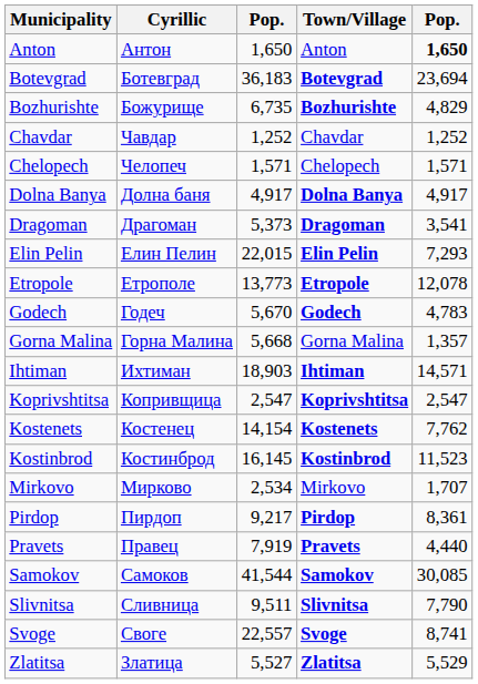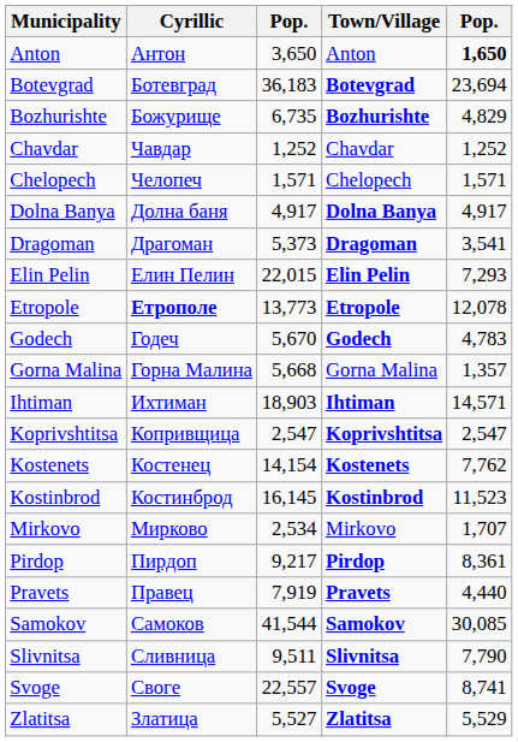 <table class="wikitable sortable">
 <tr>
 <th>Municipality</th>
 <th>Cyrillic</th>
 <th>Pop.</th>
 <th>Town/Village</th>
 <th>Pop.</th>
 </tr>
 <tr>
 <td><a href='#'>Anton</a></td>
 <td><a href='#'>Антон</a></td>
-<td align="right">1,650</td>
+<td align="right">3,650</td>
 <td><a href='#'>Anton</a></td>
 <td align="right"><strong>1,650</strong></td>
 </tr>
 <tr>
 <td><a href='#'>Botevgrad</a></td>
 <td><a href='#'>Ботевград</a></td>
 <td align="right">36,183</td>
 <td><strong><a href='#'>Botevgrad</a></strong></td>
 <td align="right">23,694</td>
 </tr>
 <tr>
 <td><a href='#'>Bozhurishte</a></td>
 <td><a href='#'>Божурище</a></td>
 <td align="right">6,735</td>
 <td><strong><a href='#'>Bozhurishte</a></strong></td>
 <td align="right">4,829</td>
 </tr>
 <tr>
 <td><a href='#'>Chavdar</a></td>
 <td><a href='#'>Чавдар</a></td>
 <td align="right">1,252</td>
 <td><a href='#'>Chavdar</a></td>
 <td align="right">1,252</td>
 </tr>
 <tr>
 <td><a href='#'>Chelopech</a></td>
 <td><a href='#'>Челопеч</a></td>
 <td align="right">1,571</td>
 <td><a href='#'>Chelopech</a></td>
 <td align="right">1,571</td>
 </tr>
 <tr>
 <td><a href='#'>Dolna Banya</a></td>
 <td><a href='#'>Долна баня</a></td>
 <td align="right">4,917</td>
 <td><strong><a href='#'>Dolna Banya</a></strong></td>
 <td align="right">4,917</td>
 </tr>
 <tr>
 <td><a href='#'>Dragoman</a></td>
 <td><a href='#'>Драгоман</a></td>
 <td align="right">5,373</td>
 <td><strong><a href='#'>Dragoman</a></strong></td>
 <td align="right">3,541</td>
 </tr>
 <tr>
 <td><a href='#'>Elin Pelin</a></td>
 <td><a href='#'>Елин Пелин</a></td>
 <td align="right">22,015</td>
 <td><strong><a href='#'>Elin Pelin</a></strong></td>
 <td align="right">7,293</td>
 </tr>
 <tr>
 <td><a href='#'>Etropole</a></td>
-<td><a href='#'>Етрополе</a></td>
+<td><strong><a href='#'>Етрополе</a></strong></td>
 <td align="right">13,773</td>
 <td><strong><a href='#'>Etropole</a></strong></td>
 <td align="right">12,078</td>
 </tr>
 <tr>
 <td><a href='#'>Godech</a></td>
 <td><a href='#'>Годеч</a></td>
 <td align="right">5,670</td>
 <td><strong><a href='#'>Godech</a></strong></td>
 <td align="right">4,783</td>
 </tr>
 <tr>
 <td><a href='#'>Gorna Malina</a></td>
 <td><a href='#'>Горна Малина</a></td>
 <td align="right">5,668</td>
 <td><a href='#'>Gorna Malina</a></td>
 <td align="right">1,357</td>
 </tr>
 <tr>
 <td><a href='#'>Ihtiman</a></td>
 <td><a href='#'>Ихтиман</a></td>
 <td align="right">18,903</td>
 <td><strong><a href='#'>Ihtiman</a></strong></td>
 <td align="right">14,571</td>
 </tr>
 <tr>
 <td><a href='#'>Koprivshtitsa</a></td>
 <td><a href='#'>Копривщица</a></td>
 <td align="right">2,547</td>
 <td><strong><a href='#'>Koprivshtitsa</a></strong></td>
 <td align="right">2,547</td>
 </tr>
 <tr>
 <td><a href='#'>Kostenets</a></td>
 <td><a href='#'>Костенец</a></td>
 <td align="right">14,154</td>
 <td><strong><a href='#'>Kostenets</a></strong></td>
 <td align="right">7,762</td>
 </tr>
 <tr>
 <td><a href='#'>Kostinbrod</a></td>
 <td><a href='#'>Костинброд</a></td>
 <td align="right">16,145</td>
 <td><strong><a href='#'>Kostinbrod</a></strong></td>
 <td align="right">11,523</td>
 </tr>
 <tr>
 <td><a href='#'>Mirkovo</a></td>
 <td><a href='#'>Мирково</a></td>
 <td align="right">2,534</td>
 <td><a href='#'>Mirkovo</a></td>
 <td align="right">1,707</td>
 </tr>
 <tr>
 <td><a href='#'>Pirdop</a></td>
 <td><a href='#'>Пирдоп</a></td>
 <td align="right">9,217</td>
 <td><strong><a href='#'>Pirdop</a></strong></td>
 <td align="right">8,361</td>
 </tr>
 <tr>
 <td><a href='#'>Pravets</a></td>
 <td><a href='#'>Правец</a></td>
 <td align="right">7,919</td>
 <td><strong><a href='#'>Pravets</a></strong></td>
 <td align="right">4,440</td>
 </tr>
 <tr>
 <td><a href='#'>Samokov</a></td>
 <td><a href='#'>Самоков</a></td>
 <td align="right">41,544</td>
 <td><strong><a href='#'>Samokov</a></strong></td>
 <td align="right">30,085</td>
 </tr>
 <tr>
 <td><a href='#'>Slivnitsa</a></td>
 <td><a href='#'>Сливница</a></td>
 <td align="right">9,511</td>
 <td><strong><a href='#'>Slivnitsa</a></strong></td>
 <td align="right">7,790</td>
 </tr>
 <tr>
 <td><a href='#'>Svoge</a></td>
 <td><a href='#'>Своге</a></td>
 <td align="right">22,557</td>
 <td><strong><a href='#'>Svoge</a></strong></td>
 <td align="right">8,741</td>
 </tr>
 <tr>
 <td><a href='#'>Zlatitsa</a></td>
 <td><a href='#'>Златица</a></td>
 <td align="right">5,527</td>
 <td><strong><a href='#'>Zlatitsa</a></strong></td>
 <td align="right">5,529</td>
 </tr>
 </table>
